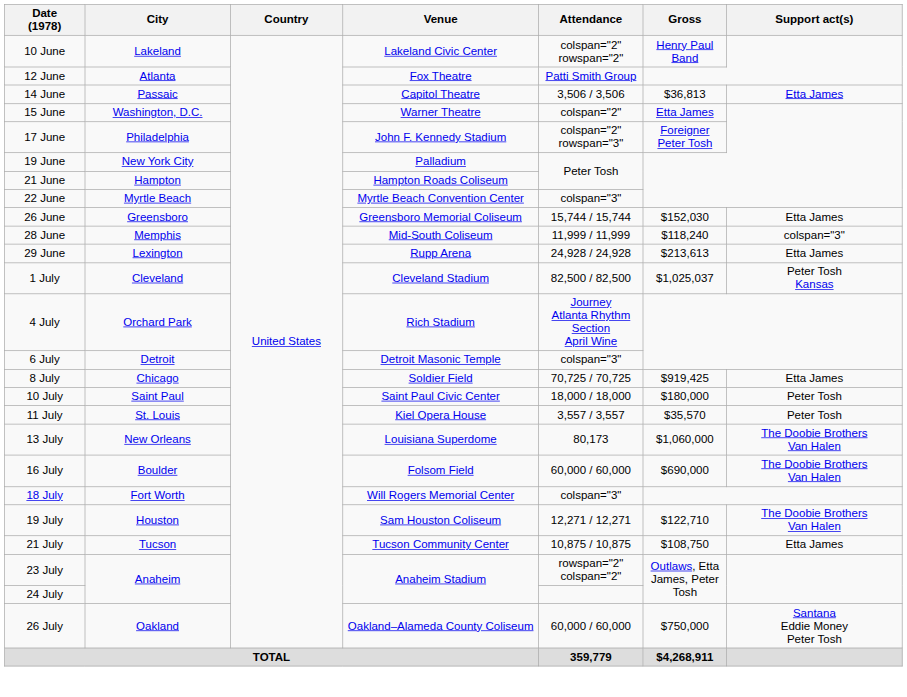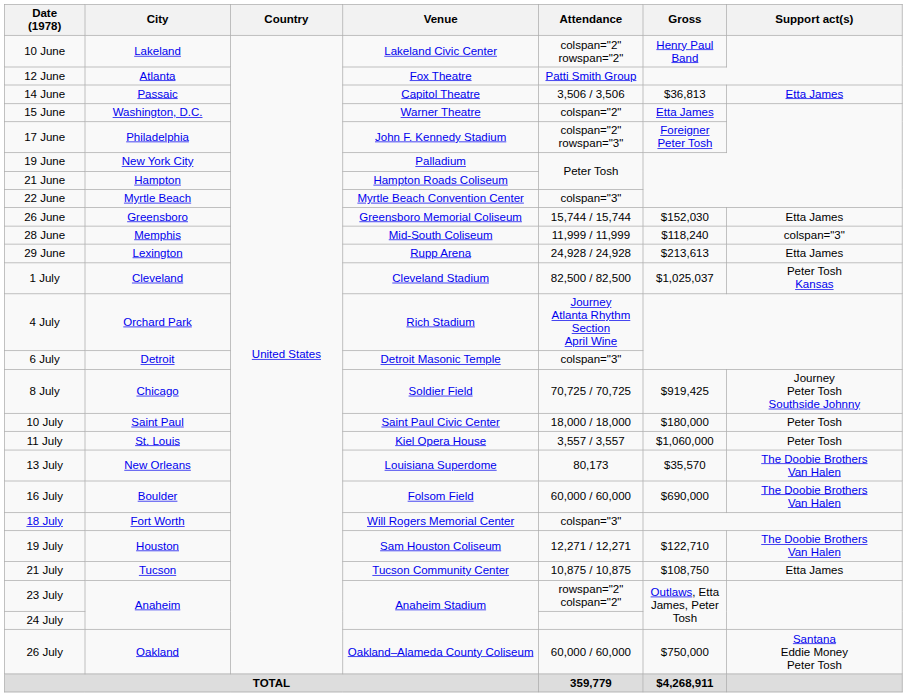 <table class="wikitable plainrowheaders" style="text-align:center;">
 <tr>
 <th scope="col" style="width:7em;">Date<br>(1978)</th>
 <th scope="col" style="width:13em;">City</th>
 <th scope="col" style="width:10em;">Country</th>
 <th scope="col" style="width:18em;">Venue</th>
 <th scope="col" style="width:9em;">Attendance</th>
 <th scope="col" style="width:7em;">Gross</th>
 <th scope="col" style="width:16em;">Support act(s)</th>
 </tr>
 <tr>
 <td>10 June</td>
 <td><a href='#'>Lakeland</a></td>
 <td rowspan="25"><a href='#'>United States</a></td>
 <td><a href='#'>Lakeland Civic Center</a></td>
 <td>colspan="2" rowspan="2" </td>
 <td><a href='#'>Henry Paul Band</a></td>
 </tr>
 <tr>
 <td>12 June</td>
 <td><a href='#'>Atlanta</a></td>
 <td><a href='#'>Fox Theatre</a></td>
 <td><a href='#'>Patti Smith Group</a></td>
 </tr>
 <tr>
 <td>14 June</td>
 <td><a href='#'>Passaic</a></td>
 <td><a href='#'>Capitol Theatre</a></td>
 <td>3,506 / 3,506</td>
 <td>$36,813</td>
 <td><a href='#'>Etta James</a></td>
 </tr>
 <tr>
 <td>15 June</td>
 <td><a href='#'>Washington, D.C.</a></td>
 <td><a href='#'>Warner Theatre</a></td>
 <td>colspan="2" </td>
 <td><a href='#'>Etta James</a></td>
 </tr>
 <tr>
 <td>17 June</td>
 <td><a href='#'>Philadelphia</a></td>
 <td><a href='#'>John F. Kennedy Stadium</a></td>
 <td>colspan="2" rowspan="3" </td>
 <td><a href='#'>Foreigner</a><br><a href='#'>Peter Tosh</a></td>
 </tr>
 <tr>
 <td>19 June</td>
 <td><a href='#'>New York City</a></td>
 <td><a href='#'>Palladium</a></td>
 <td rowspan="2">Peter Tosh</td>
 </tr>
 <tr>
 <td>21 June</td>
 <td><a href='#'>Hampton</a></td>
 <td><a href='#'>Hampton Roads Coliseum</a></td>
 </tr>
 <tr>
 <td>22 June</td>
 <td><a href='#'>Myrtle Beach</a></td>
 <td><a href='#'>Myrtle Beach Convention Center</a></td>
 <td>colspan="3" </td>
 </tr>
 <tr>
 <td>26 June</td>
 <td><a href='#'>Greensboro</a></td>
 <td><a href='#'>Greensboro Memorial Coliseum</a></td>
 <td>15,744 / 15,744</td>
 <td>$152,030</td>
 <td>Etta James</td>
 </tr>
 <tr>
 <td>28 June</td>
 <td><a href='#'>Memphis</a></td>
 <td><a href='#'>Mid-South Coliseum</a></td>
 <td>11,999 / 11,999</td>
 <td>$118,240</td>
 <td>colspan="3" </td>
 </tr>
 <tr>
 <td>29 June</td>
 <td><a href='#'>Lexington</a></td>
 <td><a href='#'>Rupp Arena</a></td>
 <td>24,928 / 24,928</td>
 <td>$213,613</td>
 <td>Etta James</td>
 </tr>
 <tr>
 <td>1 July</td>
 <td><a href='#'>Cleveland</a></td>
 <td><a href='#'>Cleveland Stadium</a></td>
 <td>82,500 / 82,500</td>
 <td>$1,025,037</td>
 <td>Peter Tosh<br><a href='#'>Kansas</a></td>
 </tr>
 <tr>
 <td>4 July</td>
 <td><a href='#'>Orchard Park</a></td>
 <td><a href='#'>Rich Stadium</a></td>
 <td><a href='#'>Journey</a><br><a href='#'>Atlanta Rhythm Section</a><br><a href='#'>April Wine</a></td>
 </tr>
 <tr>
 <td>6 July</td>
 <td><a href='#'>Detroit</a></td>
 <td><a href='#'>Detroit Masonic Temple</a></td>
 <td>colspan="3" </td>
 </tr>
 <tr>
 <td>8 July</td>
 <td><a href='#'>Chicago</a></td>
 <td><a href='#'>Soldier Field</a></td>
 <td>70,725 / 70,725</td>
 <td>$919,425</td>
-<td>Etta James</td>
+<td>Journey<br>Peter Tosh<br><a href='#'>Southside Johnny</a></td>
 </tr>
 <tr>
 <td>10 July</td>
 <td><a href='#'>Saint Paul</a></td>
 <td><a href='#'>Saint Paul Civic Center</a></td>
 <td>18,000 / 18,000</td>
 <td>$180,000</td>
 <td>Peter Tosh</td>
 </tr>
 <tr>
 <td>11 July</td>
 <td><a href='#'>St. Louis</a></td>
 <td><a href='#'>Kiel Opera House</a></td>
 <td>3,557 / 3,557</td>
-<td>$35,570</td>
+<td>$1,060,000</td>
 <td>Peter Tosh</td>
 </tr>
 <tr>
 <td>13 July</td>
 <td><a href='#'>New Orleans</a></td>
 <td><a href='#'>Louisiana Superdome</a></td>
 <td>80,173</td>
-<td>$1,060,000</td>
+<td>$35,570</td>
 <td><a href='#'>The Doobie Brothers</a><br><a href='#'>Van Halen</a></td>
 </tr>
 <tr>
 <td>16 July</td>
 <td><a href='#'>Boulder</a></td>
 <td><a href='#'>Folsom Field</a></td>
 <td>60,000 / 60,000</td>
 <td>$690,000</td>
 <td><a href='#'>The Doobie Brothers</a><br><a href='#'>Van Halen</a></td>
 </tr>
 <tr>
 <td><a href='#'>18 July</a></td>
 <td><a href='#'>Fort Worth</a></td>
 <td><a href='#'>Will Rogers Memorial Center</a></td>
 <td>colspan="3" </td>
 </tr>
 <tr>
 <td>19 July</td>
 <td><a href='#'>Houston</a></td>
 <td><a href='#'>Sam Houston Coliseum</a></td>
 <td>12,271 / 12,271</td>
 <td>$122,710</td>
 <td><a href='#'>The Doobie Brothers</a><br><a href='#'>Van Halen</a></td>
 </tr>
 <tr>
 <td>21 July</td>
 <td><a href='#'>Tucson</a></td>
 <td><a href='#'>Tucson Community Center</a></td>
 <td>10,875 / 10,875</td>
 <td>$108,750</td>
 <td>Etta James</td>
 </tr>
 <tr>
 <td>23 July</td>
 <td rowspan="2"><a href='#'>Anaheim</a></td>
 <td rowspan="2"><a href='#'>Anaheim Stadium</a></td>
 <td>rowspan="2" colspan="2" </td>
 <td rowspan="2"><a href='#'>Outlaws</a>, Etta James, Peter Tosh</td>
 </tr>
 <tr>
 <td>24 July</td>
 </tr>
 <tr>
 <td>26 July</td>
 <td><a href='#'>Oakland</a></td>
 <td><a href='#'>Oakland–Alameda County Coliseum</a></td>
 <td>60,000 / 60,000</td>
 <td>$750,000</td>
 <td><a href='#'>Santana</a><br>Eddie Money<br>Peter Tosh</td>
 </tr>
 <tr style="background:#ddd;">
 <td colspan="4"><strong>TOTAL</strong></td>
 <td><strong>359,779</strong></td>
 <td><strong>$4,268,911</strong></td>
 <td></td>
 </tr>
 </table>
